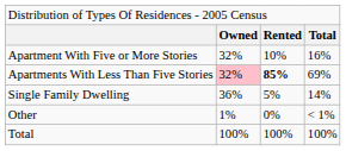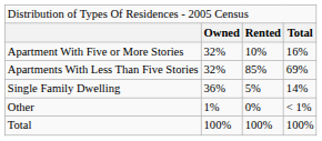 <table class="wikitable">
 <tr>
 <td colspan="4">Distribution of Types Of Residences - 2005 Census</td>
 </tr>
 <tr>
 <th></th>
 <th>Owned</th>
 <th>Rented</th>
 <th>Total</th>
 </tr>
 <tr>
 <td>Apartment With Five or More Stories</td>
 <td>32%</td>
 <td>10%</td>
 <td>16%</td>
 </tr>
 <tr>
 <td>Apartments With Less Than Five Stories</td>
-<td style="background: pink;">32%</td>
-<td><strong>85%</strong></td>
+<td>32%</td>
+<td>85%</td>
 <td>69%</td>
 </tr>
 <tr>
 <td>Single Family Dwelling</td>
 <td>36%</td>
 <td>5%</td>
 <td>14%</td>
 </tr>
 <tr>
 <td>Other</td>
 <td>1%</td>
 <td>0%</td>
 <td>< 1%</td>
 </tr>
 <tr>
 <td>Total</td>
 <td>100%</td>
 <td>100%</td>
 <td>100%</td>
 </tr>
 </table>
